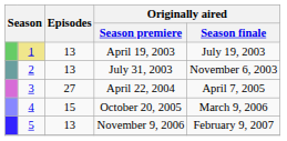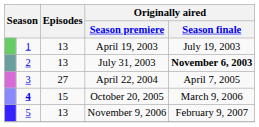 <table class="wikitable" style="text-align:center">
 <tr>
 <th colspan="2" rowspan="2">Season</th>
 <th rowspan="2">Episodes</th>
 <th colspan="2">Originally aired</th>
 </tr>
 <tr>
 <th><a href='#'>Season premiere</a></th>
 <th><a href='#'>Season finale</a></th>
 </tr>
 <tr>
 <td style="background:#6c6;"></td>
-<td style="background: khaki;"><a href='#'>1</a></td>
+<td><a href='#'>1</a></td>
 <td>13</td>
 <td>April 19, 2003</td>
 <td>July 19, 2003</td>
 </tr>
 <tr>
 <td style="background:#6A9F9F;"></td>
 <td><a href='#'>2</a></td>
 <td>13</td>
 <td>July 31, 2003</td>
-<td>November 6, 2003</td>
+<td><strong>November 6, 2003</strong></td>
 </tr>
 <tr>
 <td style="background:#D76CD7;"></td>
 <td><a href='#'>3</a></td>
 <td>27</td>
 <td>April 22, 2004</td>
 <td>April 7, 2005</td>
 </tr>
 <tr>
 <td style="background:#8888FF;"></td>
-<td><a href='#'>4</a></td>
+<td><strong><a href='#'>4</a></strong></td>
 <td>15</td>
 <td>October 20, 2005</td>
 <td>March 9, 2006</td>
 </tr>
 <tr>
 <td style="background:#32f;"></td>
 <td><a href='#'>5</a></td>
 <td>13</td>
 <td>November 9, 2006</td>
 <td>February 9, 2007</td>
 </tr>
 <tr>
 </tr>
 </table>
